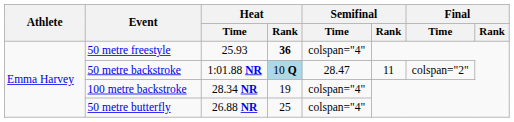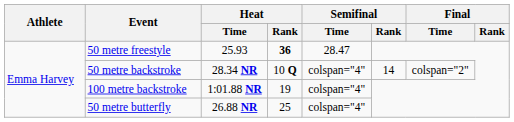 <table class="wikitable" style="text-align:center; font-size:90%; width:50%;">
 <tr>
 <th rowspan="2">Athlete</th>
 <th rowspan="2">Event</th>
 <th colspan="2">Heat</th>
 <th colspan="2">Semifinal</th>
 <th colspan="2">Final</th>
 </tr>
 <tr style="font-size:95%">
 <th>Time</th>
 <th>Rank</th>
 <th>Time</th>
 <th>Rank</th>
 <th>Time</th>
 <th>Rank</th>
 </tr>
 <tr>
 <td align=left rowspan=4><a href='#'>Emma Harvey</a></td>
 <td align=left><a href='#'>50 metre freestyle</a></td>
 <td>25.93</td>
 <td><strong>36</strong></td>
-<td>colspan="4" </td>
+<td>28.47</td>
 </tr>
 <tr>
 <td align=left><a href='#'>50 metre backstroke</a></td>
-<td>1:01.88 <strong><a href='#'>NR</a></strong></td>
-<td style="background: lightblue;">10 <strong>Q</strong></td>
-<td>28.47</td>
-<td>11</td>
+<td>28.34 <strong><a href='#'>NR</a></strong></td>
+<td>10 <strong>Q</strong></td>
+<td>colspan="4" </td>
+<td>14</td>
 <td>colspan="2" </td>
 </tr>
 <tr>
 <td align=left><a href='#'>100 metre backstroke</a></td>
-<td>28.34 <strong><a href='#'>NR</a></strong></td>
+<td>1:01.88 <strong><a href='#'>NR</a></strong></td>
 <td>19</td>
 <td>colspan="4" </td>
 </tr>
 <tr>
 <td align=left><a href='#'>50 metre butterfly</a></td>
 <td>26.88 <strong><a href='#'>NR</a></strong></td>
 <td>25</td>
 <td>colspan="4" </td>
 </tr>
 </table>
